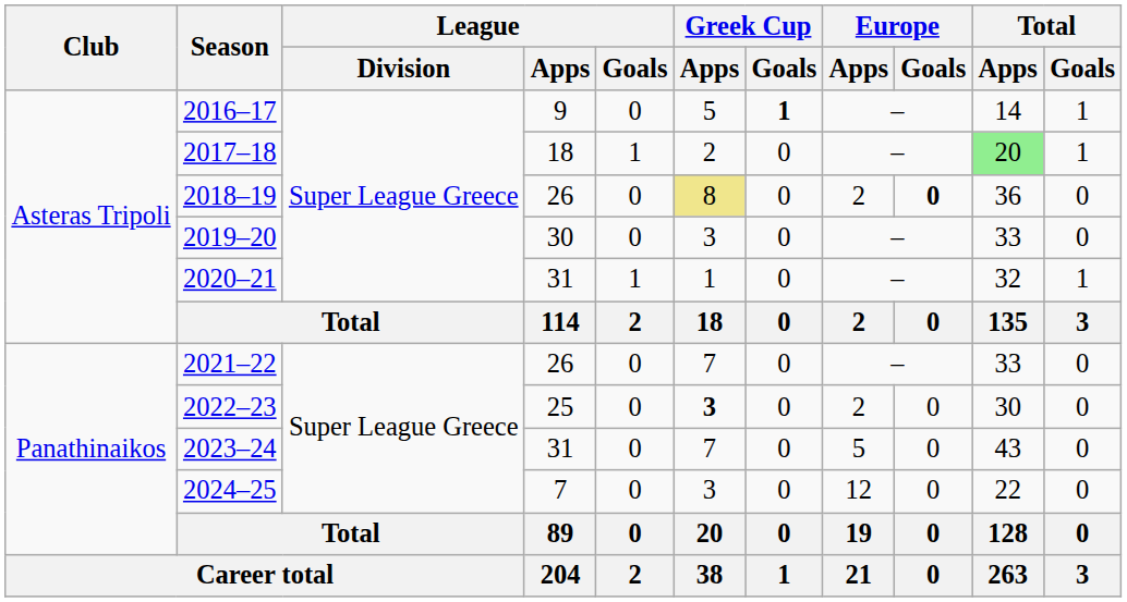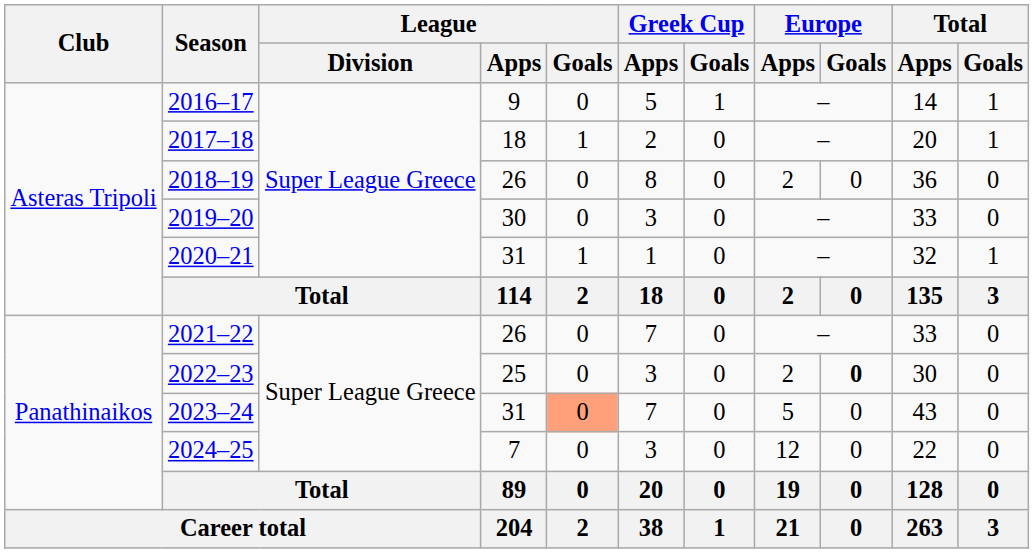 <table class="wikitable" style="text-align:center">
 <tr>
 <th rowspan="2">Club</th>
 <th rowspan="2">Season</th>
 <th colspan="3">League</th>
 <th colspan="2"><a href='#'>Greek Cup</a></th>
 <th colspan="2"><a href='#'>Europe</a></th>
 <th colspan="2">Total</th>
 </tr>
 <tr>
 <th>Division</th>
 <th>Apps</th>
 <th>Goals</th>
 <th>Apps</th>
 <th>Goals</th>
 <th>Apps</th>
 <th>Goals</th>
 <th>Apps</th>
 <th>Goals</th>
 </tr>
 <tr>
 <td rowspan="6"><a href='#'>Asteras Tripoli</a></td>
 <td><a href='#'>2016–17</a></td>
 <td rowspan="5"><a href='#'>Super League Greece</a></td>
 <td>9</td>
 <td>0</td>
 <td>5</td>
-<td><strong>1</strong></td>
+<td>1</td>
 <td colspan="2">–</td>
 <td>14</td>
 <td>1</td>
 </tr>
 <tr>
 <td><a href='#'>2017–18</a></td>
 <td>18</td>
 <td>1</td>
 <td>2</td>
 <td>0</td>
 <td colspan="2">–</td>
-<td style="background: lightgreen;">20</td>
+<td>20</td>
 <td>1</td>
 </tr>
 <tr>
 <td><a href='#'>2018–19</a></td>
 <td>26</td>
 <td>0</td>
-<td style="background: khaki;">8</td>
+<td>8</td>
 <td>0</td>
 <td>2</td>
-<td><strong>0</strong></td>
+<td>0</td>
 <td>36</td>
 <td>0</td>
 </tr>
 <tr>
 <td><a href='#'>2019–20</a></td>
 <td>30</td>
 <td>0</td>
 <td>3</td>
 <td>0</td>
 <td colspan="2">–</td>
 <td>33</td>
 <td>0</td>
 </tr>
 <tr>
 <td><a href='#'>2020–21</a></td>
 <td>31</td>
 <td>1</td>
 <td>1</td>
 <td>0</td>
 <td colspan="2">–</td>
 <td>32</td>
 <td>1</td>
 </tr>
 <tr>
 <th colspan="2">Total</th>
 <th>114</th>
 <th>2</th>
 <th>18</th>
 <th>0</th>
 <th>2</th>
 <th>0</th>
 <th>135</th>
 <th>3</th>
 </tr>
 <tr>
 <td rowspan="5"><a href='#'>Panathinaikos</a></td>
 <td><a href='#'>2021–22</a></td>
 <td rowspan="4">Super League Greece</td>
 <td>26</td>
 <td>0</td>
 <td>7</td>
 <td>0</td>
 <td colspan="2">–</td>
 <td>33</td>
 <td>0</td>
 </tr>
 <tr>
 <td><a href='#'>2022–23</a></td>
 <td>25</td>
 <td>0</td>
-<td><strong>3</strong></td>
+<td>3</td>
 <td>0</td>
 <td>2</td>
-<td>0</td>
+<td><strong>0</strong></td>
 <td>30</td>
 <td>0</td>
 </tr>
 <tr>
 <td><a href='#'>2023–24</a></td>
 <td>31</td>
-<td>0</td>
+<td style="background: lightsalmon;">0</td>
 <td>7</td>
 <td>0</td>
 <td>5</td>
 <td>0</td>
 <td>43</td>
 <td>0</td>
 </tr>
 <tr>
 <td><a href='#'>2024–25</a></td>
 <td>7</td>
 <td>0</td>
 <td>3</td>
 <td>0</td>
 <td>12</td>
 <td>0</td>
 <td>22</td>
 <td>0</td>
 </tr>
 <tr>
 <th colspan="2">Total</th>
 <th>89</th>
 <th>0</th>
 <th>20</th>
 <th>0</th>
 <th>19</th>
 <th>0</th>
 <th>128</th>
 <th>0</th>
 </tr>
 <tr>
 <th colspan="3">Career total</th>
 <th>204</th>
 <th>2</th>
 <th>38</th>
 <th>1</th>
 <th>21</th>
 <th>0</th>
 <th>263</th>
 <th>3</th>
 </tr>
 </table>
